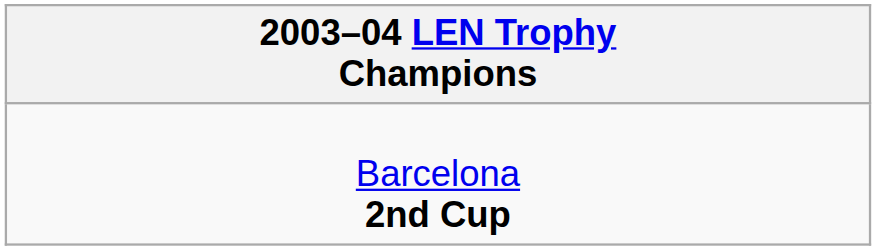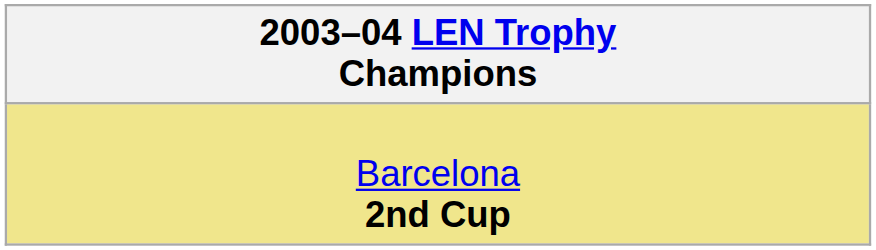 <table class="wikitable" style="margin: 0 auto; width: 30%;">
 <tr>
 <th>2003–04 <a href='#'>LEN Trophy</a><br>Champions</th>
 </tr>
 <tr>
-<td align=center><br><a href='#'>Barcelona</a><br><strong>2nd Cup</strong></td>
+<td align=center style="background: khaki;"><br><a href='#'>Barcelona</a><br><strong>2nd Cup</strong></td>
 </tr>
 </table>
